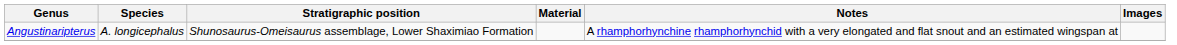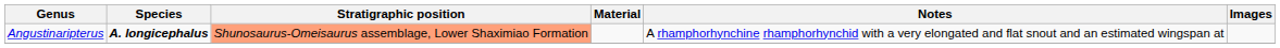 <table class = "wikitable sortable">
 <tr>
 <th>Genus</th>
 <th>Species</th>
 <th>Stratigraphic position</th>
 <th>Material</th>
 <th>Notes</th>
 <th>Images</th>
 </tr>
 <tr>
 <td><em><a href='#'>Angustinaripterus</a></em></td>
-<td><em>A. longicephalus</em></td>
-<td><em>Shunosaurus</em>-<em>Omeisaurus</em> assemblage, Lower Shaximiao Formation</td>
+<td><strong><em>A. longicephalus</em></strong></td>
+<td style="background: lightsalmon;"><em>Shunosaurus</em>-<em>Omeisaurus</em> assemblage, Lower Shaximiao Formation</td>
 <td></td>
 <td>A <a href='#'>rhamphorhynchine</a> <a href='#'>rhamphorhynchid</a> with a very elongated and flat snout and an estimated wingspan at </td>
 <td></td>
 </tr>
 <tr>
 </tr>
 </table>
